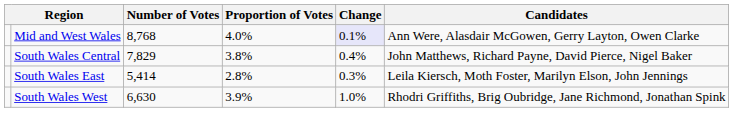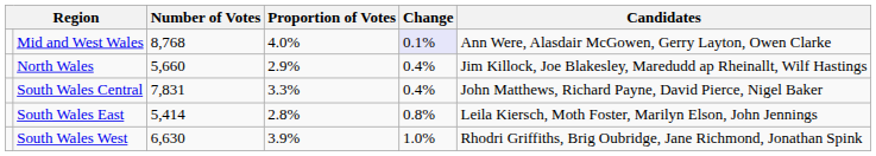 <table class="wikitable">
 <tr>
 <th colspan="2">Region</th>
 <th>Number of Votes</th>
 <th>Proportion of Votes</th>
 <th>Change</th>
 <th>Candidates</th>
 </tr>
 <tr>
 <td width="1" style="color:inherit;background:"></td>
 <td><a href='#'>Mid and West Wales</a></td>
 <td>8,768</td>
 <td>4.0%</td>
 <td style="background: lavender;">0.1%</td>
 <td>Ann Were, Alasdair McGowen, Gerry Layton, Owen Clarke</td>
 </tr>
 <tr>
 <td style="color:inherit;background:"></td>
+<td><a href='#'>North Wales</a></td>
+<td>5,660</td>
+<td>2.9%</td>
+<td>0.4%</td>
+<td>Jim Killock, Joe Blakesley, Maredudd ap Rheinallt, Wilf Hastings</td>
+</tr>
+<tr>
+<td style="color:inherit;background:"></td>
 <td><a href='#'>South Wales Central</a></td>
-<td>7,829</td>
-<td>3.8%</td>
+<td>7,831</td>
+<td>3.3%</td>
 <td>0.4%</td>
 <td>John Matthews, Richard Payne, David Pierce, Nigel Baker</td>
 </tr>
 <tr>
 <td style="color:inherit;background:"></td>
 <td><a href='#'>South Wales East</a></td>
 <td>5,414</td>
 <td>2.8%</td>
-<td>0.3%</td>
+<td>0.8%</td>
 <td>Leila Kiersch, Moth Foster, Marilyn Elson, John Jennings</td>
 </tr>
 <tr>
 <td style="color:inherit;background:"></td>
 <td><a href='#'>South Wales West</a></td>
 <td>6,630</td>
 <td>3.9%</td>
 <td>1.0%</td>
 <td>Rhodri Griffiths, Brig Oubridge, Jane Richmond, Jonathan Spink</td>
 </tr>
 </table>
